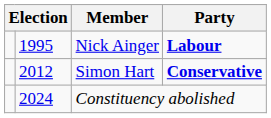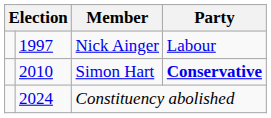 <table class="wikitable">
 <tr>
 <th colspan="2">Election</th>
 <th>Member</th>
 <th>Party</th>
 </tr>
 <tr>
 <td style="color:inherit;background-color: "></td>
-<td><a href='#'>1995</a></td>
+<td><a href='#'>1997</a></td>
 <td><a href='#'>Nick Ainger</a></td>
-<td><strong><a href='#'>Labour</a></strong></td>
+<td><a href='#'>Labour</a></td>
 </tr>
 <tr>
 <td style="color:inherit;background-color: "></td>
-<td><a href='#'>2012</a></td>
+<td><a href='#'>2010</a></td>
 <td><a href='#'>Simon Hart</a></td>
 <td><strong><a href='#'>Conservative</a></strong></td>
 </tr>
 <tr>
 <td></td>
 <td><a href='#'>2024</a></td>
 <td colspan="2"><em>Constituency abolished</em></td>
 </tr>
 </table>
